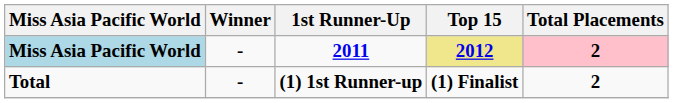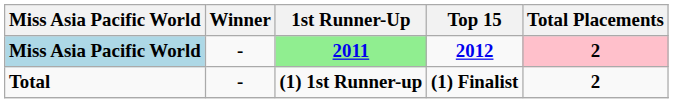 <table class="wikitable sortable" style="font-size:95%;">
 <tr>
 <th>Miss Asia Pacific World</th>
 <th>Winner</th>
 <th>1st Runner-Up</th>
 <th>Top 15</th>
 <th>Total Placements</th>
 </tr>
 <tr>
 <td bgcolor="#ADD8E6"><strong>Miss Asia Pacific World</strong></td>
 <td align="center"><strong>-</strong></td>
-<td align="center"><strong><a href='#'>2011</a></strong></td>
-<td align="center" style="background: khaki;"><strong><a href='#'>2012</a></strong></td>
+<td align="center" style="background: lightgreen;"><strong><a href='#'>2011</a></strong></td>
+<td align="center"><strong><a href='#'>2012</a></strong></td>
 <td align="center" style="background: pink;"><strong>2</strong></td>
 </tr>
 <tr>
 <td><strong>Total</strong></td>
 <td align="center"><strong>-</strong></td>
 <td align="center"><strong>(1) 1st Runner-up</strong></td>
 <td align="center"><strong>(1) Finalist</strong></td>
 <td align="center"><strong>2</strong></td>
 </tr>
 <tr>
 </tr>
 </table>
